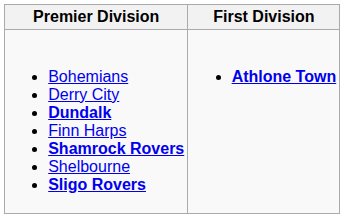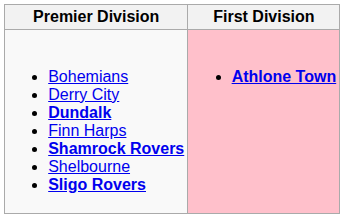 <table class="wikitable">
 <tr>
 <th>Premier Division</th>
 <th>First Division</th>
 </tr>
 <tr>
 <td valign="top"><br><ul><li><a href='#'>Bohemians</a></li><li><a href='#'>Derry City</a></li><li><a href='#'><strong>Dundalk</strong></a></li><li><a href='#'>Finn Harps</a></li><li><a href='#'><strong>Shamrock Rovers</strong></a></li><li><a href='#'>Shelbourne</a></li><li><a href='#'><strong>Sligo Rovers</strong></a></li></ul></td>
-<td valign="top"><br><ul><li><strong><a href='#'>Athlone Town</a></strong></li></ul></td>
+<td valign="top" style="background: pink;"><br><ul><li><strong><a href='#'>Athlone Town</a></strong></li></ul></td>
 </tr>
 </table>
